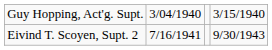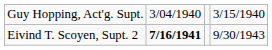 <table class="wikitable">
 <tr>
 <td>Guy Hopping, Act'g. Supt.</td>
 <td>3/04/1940</td>
 <td></td>
 <td>3/15/1940</td>
 </tr>
 <tr>
 <td>Eivind T. Scoyen, Supt. 2</td>
-<td>7/16/1941</td>
+<td><strong>7/16/1941</strong></td>
 <td></td>
 <td>9/30/1943</td>
 </tr>
 </table>
